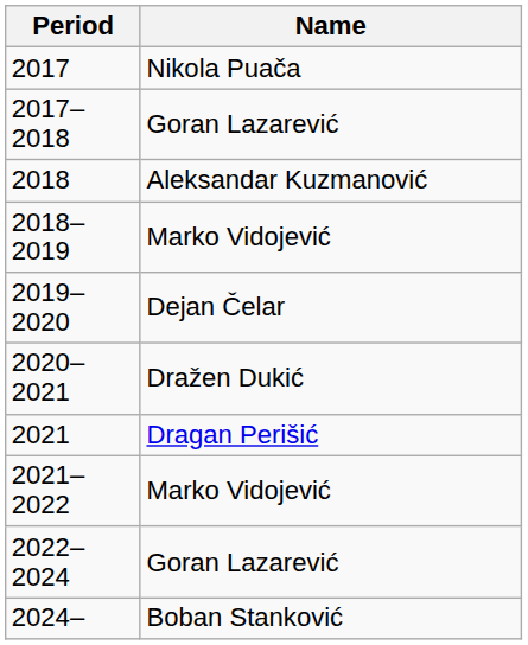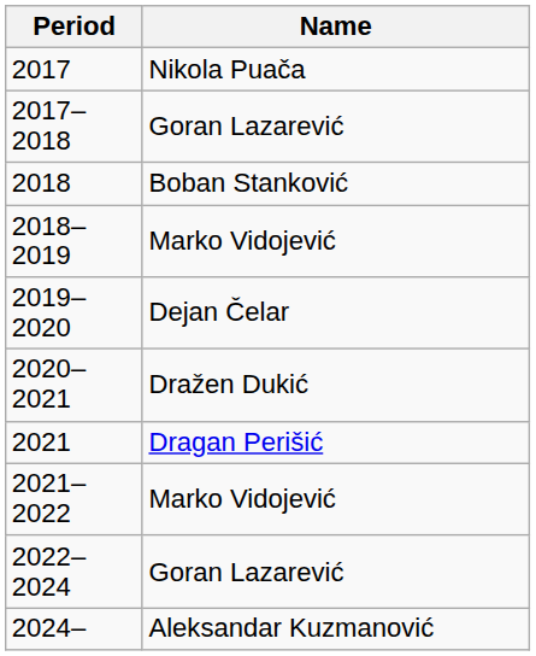 <table class=wikitable style="display:inline-table;">
 <tr>
 <th width="75">Period</th>
 <th width="225">Name</th>
 </tr>
 <tr>
 <td>2017</td>
 <td> Nikola Puača</td>
 </tr>
 <tr>
 <td>2017–2018</td>
 <td> Goran Lazarević</td>
 </tr>
 <tr>
 <td>2018</td>
-<td> Aleksandar Kuzmanović</td>
+<td> Boban Stanković</td>
 </tr>
 <tr>
 <td>2018–2019</td>
 <td> Marko Vidojević</td>
 </tr>
 <tr>
 <td>2019–2020</td>
 <td> Dejan Čelar</td>
 </tr>
 <tr>
 <td>2020–2021</td>
 <td> Dražen Dukić</td>
 </tr>
 <tr>
 <td>2021</td>
 <td> <a href='#'>Dragan Perišić</a></td>
 </tr>
 <tr>
 <td>2021–2022</td>
 <td> Marko Vidojević</td>
 </tr>
 <tr>
 <td>2022–2024</td>
 <td> Goran Lazarević</td>
 </tr>
 <tr>
 <td>2024–</td>
-<td> Boban Stanković</td>
+<td> Aleksandar Kuzmanović</td>
 </tr>
 </table>
